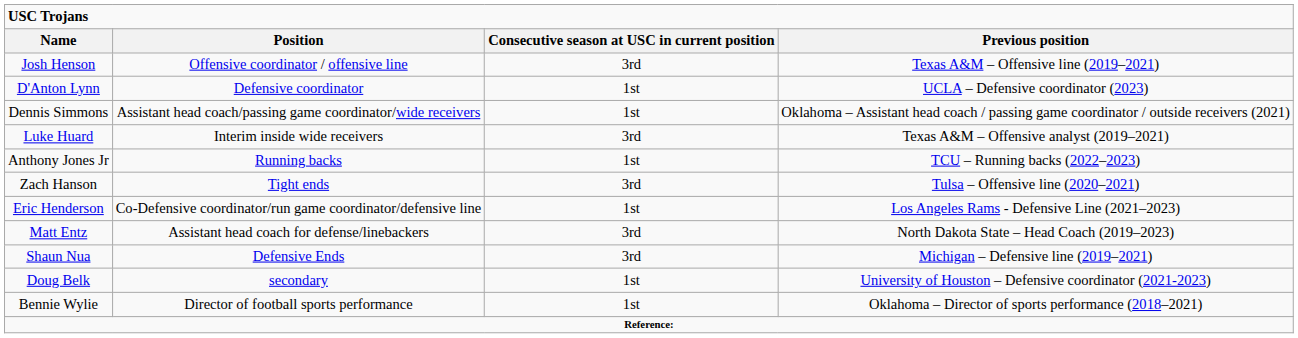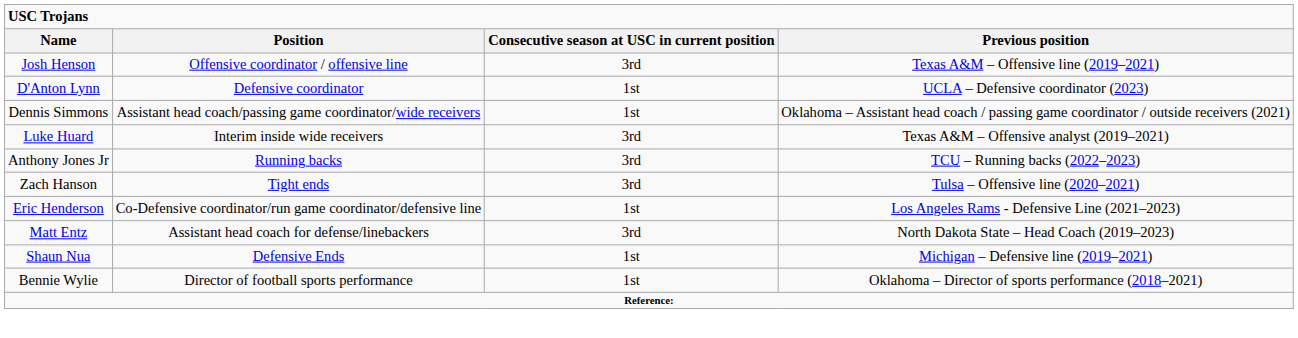 <table class="wikitable" style="font-size:90%;">
 <tr>
 <td colspan=4><strong>USC Trojans</strong></td>
 </tr>
 <tr align="center";>
 <th>Name</th>
 <th>Position</th>
 <th>Consecutive season at USC in current position</th>
 <th>Previous position</th>
 </tr>
 <tr align="center";>
 <td><a href='#'>Josh Henson</a></td>
 <td><a href='#'>Offensive coordinator</a> / <a href='#'>offensive line</a></td>
 <td>3rd</td>
 <td><a href='#'>Texas A&M</a> – Offensive line (<a href='#'>2019</a>–<a href='#'>2021</a>)</td>
 </tr>
 <tr align="center";>
 <td><a href='#'>D'Anton Lynn</a></td>
 <td><a href='#'>Defensive coordinator</a></td>
 <td>1st</td>
 <td><a href='#'>UCLA</a> – Defensive coordinator (<a href='#'>2023</a>)</td>
 </tr>
 <tr align="center";>
 <td>Dennis Simmons</td>
 <td>Assistant head coach/passing game coordinator/<a href='#'>wide receivers</a></td>
 <td>1st</td>
 <td>Oklahoma – Assistant head coach / passing game coordinator / outside receivers (2021)</td>
 </tr>
 <tr align="center";>
 <td><a href='#'>Luke Huard</a></td>
 <td>Interim inside wide receivers</td>
 <td>3rd</td>
 <td>Texas A&M – Offensive analyst (2019–2021)</td>
 </tr>
 <tr align="center";>
 <td>Anthony Jones Jr</td>
 <td><a href='#'>Running backs</a></td>
-<td>1st</td>
+<td>3rd</td>
 <td><a href='#'>TCU</a> – Running backs (<a href='#'>2022</a>–<a href='#'>2023</a>)</td>
 </tr>
 <tr align="center";>
 <td>Zach Hanson</td>
 <td><a href='#'>Tight ends</a></td>
 <td>3rd</td>
 <td><a href='#'>Tulsa</a> – Offensive line (<a href='#'>2020</a>–<a href='#'>2021</a>)</td>
 </tr>
 <tr align="center";>
 <td><a href='#'>Eric Henderson</a></td>
 <td>Co-Defensive coordinator/run game coordinator/defensive line</td>
 <td>1st</td>
 <td><a href='#'>Los Angeles Rams</a> - Defensive Line (2021–2023)</td>
 </tr>
 <tr align="center";>
 <td><a href='#'>Matt Entz</a></td>
 <td>Assistant head coach for defense/linebackers</td>
 <td>3rd</td>
 <td>North Dakota State – Head Coach (2019–2023)</td>
 </tr>
 <tr align="center";>
 <td><a href='#'>Shaun Nua</a></td>
 <td><a href='#'>Defensive Ends</a></td>
-<td>3rd</td>
+<td>1st</td>
 <td><a href='#'>Michigan</a> – Defensive line (<a href='#'>2019</a>–<a href='#'>2021</a>)</td>
-</tr>
-<tr align="center";>
-<td><a href='#'>Doug Belk</a></td>
-<td><a href='#'>secondary</a></td>
-<td>1st</td>
-<td><a href='#'>University of Houston</a> – Defensive coordinator (<a href='#'>2021-2023</a>)</td>
 </tr>
 <tr align="center";>
 <td>Bennie Wylie</td>
 <td>Director of football sports performance</td>
 <td>1st</td>
 <td>Oklahoma – Director of sports performance (<a href='#'>2018</a>–2021)</td>
 </tr>
 <tr>
 <td colspan="4"  style="font-size:8pt; text-align:center;"><strong>Reference:</strong></td>
 </tr>
 </table>
